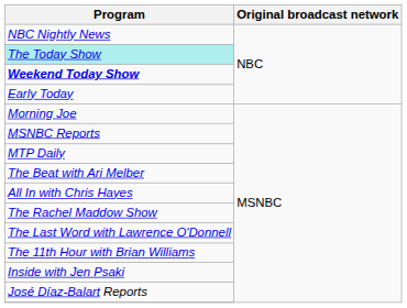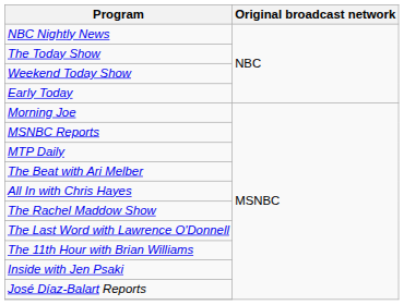 <table class="wikitable">
 <tr>
 <th>Program</th>
 <th>Original broadcast network</th>
 </tr>
 <tr>
 <td><em><a href='#'>NBC Nightly News</a></em></td>
 <td rowspan="4">NBC</td>
 </tr>
 <tr>
-<td style="background: paleturquoise;"><em><a href='#'>The Today Show</a></em></td>
+<td><em><a href='#'>The Today Show</a></em></td>
 </tr>
 <tr>
-<td><strong><em><a href='#'>Weekend Today Show</a></em></strong></td>
+<td><em><a href='#'>Weekend Today Show</a></em></td>
 </tr>
 <tr>
 <td><em><a href='#'>Early Today</a></em></td>
 </tr>
 <tr>
 <td><em><a href='#'>Morning Joe</a></em></td>
 <td rowspan="14">MSNBC</td>
 </tr>
 <tr>
 <td><em><a href='#'>MSNBC Reports</a></em></td>
 </tr>
 <tr>
 <td><a href='#'><em>MTP Daily</em></a></td>
 </tr>
 <tr>
 <td><em><a href='#'>The Beat with Ari Melber</a></em></td>
 </tr>
 <tr>
 <td><em><a href='#'>All In with Chris Hayes</a></em></td>
 </tr>
 <tr>
 <td><em><a href='#'>The Rachel Maddow Show</a></em></td>
 </tr>
 <tr>
 <td><em><a href='#'>The Last Word with Lawrence O'Donnell</a></em></td>
 </tr>
 <tr>
 <td><a href='#'><em>The 11th Hour with Brian Williams</em></a></td>
 </tr>
 <tr>
 <td><em><a href='#'>Inside with Jen Psaki</a></em></td>
 </tr>
 <tr>
 <td><em><a href='#'>José Díaz-Balart</a> Reports</em></td>
 </tr>
 <tr>
 </tr>
 </table>
